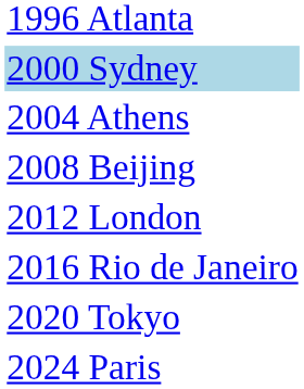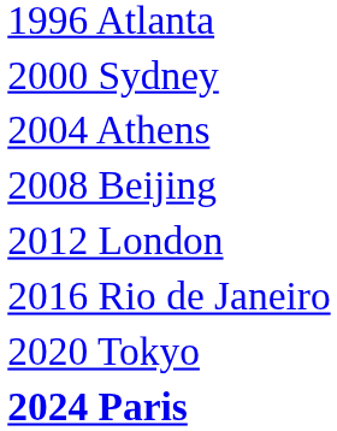 <table>
 <tr valign="top">
 <td><a href='#'>1996 Atlanta</a><br></td>
 <td></td>
 <td></td>
 <td></td>
 </tr>
 <tr valign="top">
-<td style="background: lightblue;"><a href='#'>2000 Sydney</a><br></td>
+<td><a href='#'>2000 Sydney</a><br></td>
 <td></td>
 <td></td>
 <td></td>
 </tr>
 <tr valign="top">
 <td><a href='#'>2004 Athens</a><br></td>
 <td></td>
 <td></td>
 <td></td>
 </tr>
 <tr valign="top">
 <td><a href='#'>2008 Beijing</a><br></td>
 <td></td>
 <td></td>
 <td></td>
 </tr>
 <tr valign="top">
 <td><a href='#'>2012 London</a><br></td>
 <td></td>
 <td></td>
 <td></td>
 </tr>
 <tr valign="top">
 <td><a href='#'>2016 Rio de Janeiro</a><br></td>
 <td></td>
 <td></td>
 <td></td>
 </tr>
 <tr valign="top">
 <td><a href='#'>2020 Tokyo</a><br></td>
 <td></td>
 <td></td>
 <td></td>
 </tr>
 <tr valign="top">
-<td><a href='#'>2024 Paris</a><br></td>
+<td><strong><a href='#'>2024 Paris</a><br></strong></td>
 <td></td>
 <td></td>
 <td></td>
 </tr>
 <tr>
 </tr>
 </table>
